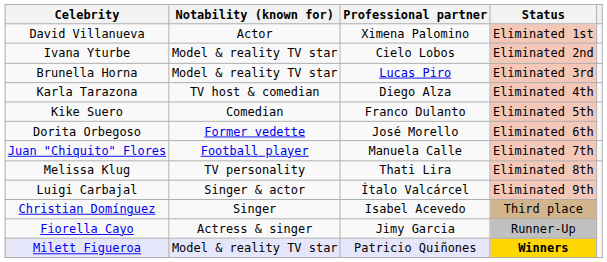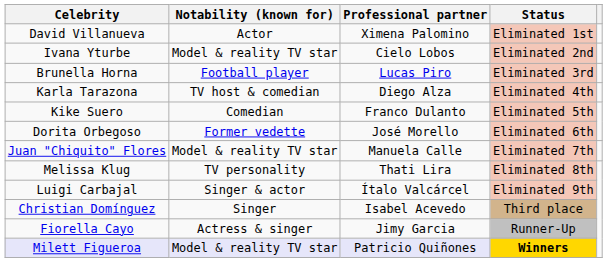 <table class= "wikitable sortable" style="text-align: center; margin:auto; align: center">
 <tr>
 <th>Celebrity</th>
 <th>Notability (known for)</th>
 <th>Professional partner</th>
 <th>Status</th>
 <th class="unsortable"></th>
 </tr>
 <tr>
 <td>David Villanueva</td>
 <td>Actor</td>
 <td>Ximena Palomino</td>
 <td style="background:#f4c7b8;">Eliminated 1st<br></td>
 <td></td>
 </tr>
 <tr>
 <td>Ivana Yturbe</td>
 <td>Model & reality TV star</td>
 <td>Cielo Lobos</td>
 <td style="background:#f4c7b8;">Eliminated 2nd<br></td>
 <td></td>
 </tr>
 <tr>
 <td>Brunella Horna</td>
-<td>Model & reality TV star</td>
+<td><a href='#'>Football player</a></td>
 <td><a href='#'>Lucas Piro</a></td>
 <td style="background:#f4c7b8;">Eliminated 3rd<br></td>
 <td></td>
 </tr>
 <tr>
 <td>Karla Tarazona</td>
 <td>TV host & comedian</td>
 <td>Diego Alza</td>
 <td style="background:#f4c7b8;">Eliminated 4th<br></td>
 <td></td>
 </tr>
 <tr>
 <td>Kike Suero</td>
 <td>Comedian</td>
 <td>Franco Dulanto</td>
 <td style="background:#f4c7b8;">Eliminated 5th<br></td>
 <td rowspan="2"></td>
 </tr>
 <tr>
 <td>Dorita Orbegoso</td>
 <td><a href='#'>Former vedette</a></td>
 <td>José Morello <br></td>
 <td style="background:#f4c7b8;">Eliminated 6th<br></td>
 </tr>
 <tr>
 <td><a href='#'>Juan "Chiquito" Flores</a></td>
-<td><a href='#'>Football player</a></td>
+<td>Model & reality TV star</td>
 <td>Manuela Calle<br></td>
 <td style="background:#f4c7b8;">Eliminated 7th<br></td>
 <td></td>
 </tr>
 <tr>
 <td>Melissa Klug</td>
 <td>TV personality</td>
 <td>Thati Lira<br></td>
 <td style="background:#f4c7b8;">Eliminated 8th<br></td>
 <td rowspan=5></td>
 </tr>
 <tr>
 <td>Luigi Carbajal</td>
 <td>Singer & actor</td>
 <td>Ítalo Valcárcel<br></td>
 <td style="background:#f4c7b8;">Eliminated 9th<br></td>
 </tr>
 <tr>
 <td><a href='#'>Christian Domínguez</a></td>
 <td>Singer</td>
 <td>Isabel Acevedo<br></td>
 <td style="background:Tan">Third place<br></td>
 </tr>
 <tr>
 <td><a href='#'>Fiorella Cayo</a></td>
 <td>Actress & singer</td>
 <td>Jimy Garcia <br></td>
 <td style="background:Silver">Runner-Up<br></td>
 </tr>
 <tr>
 <td style="background:lavender;"><a href='#'>Milett Figueroa</a></td>
 <td style="background:lavender;">Model & reality TV star</td>
 <td style="background:lavender;">Patricio Quiñones<br></td>
 <td style="background:gold"><strong>Winners</strong><br></td>
 </tr>
 </table>
